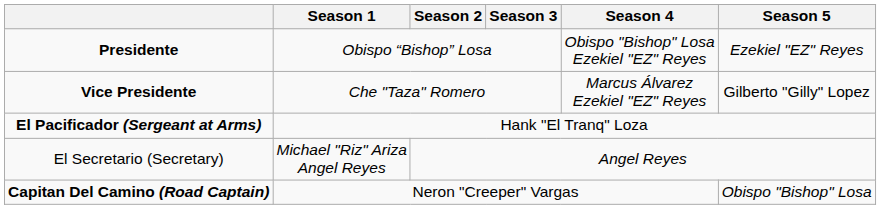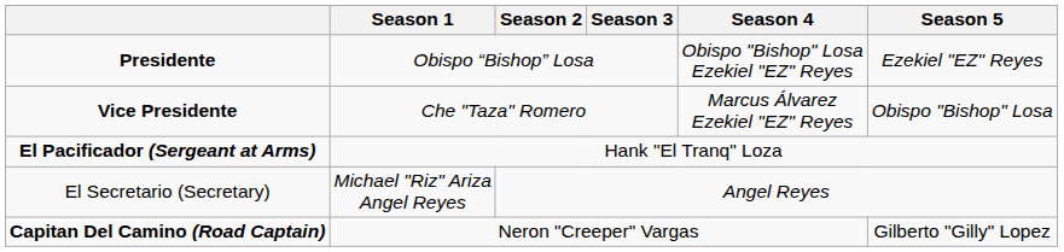 <table class="wikitable plainrowheaders" style="text-align:center;">
 <tr>
 <th scope="col"></th>
 <th scope="col">Season 1</th>
 <th scope="col">Season 2</th>
 <th scope="col">Season 3</th>
 <th scope="col">Season 4</th>
 <th scope="col">Season 5</th>
 </tr>
 <tr>
 <td><strong>Presidente</strong></td>
 <td colspan="3" style="text-align:center;"><em>Obispo “Bishop” Losa</em></td>
 <td style="text-align:center;"><em>Obispo "Bishop" Losa</em><br><em>Ezekiel "EZ" Reyes</em></td>
 <td style="text-align:center;"><em>Ezekiel "EZ" Reyes</em></td>
 </tr>
 <tr>
 <td><strong>Vice Presidente</strong></td>
 <td colspan="3" style="text-align:center;"><em>Che "Taza" Romero</em></td>
 <td style="text-align:center;"><em>Marcus Álvarez</em><br><em>Ezekiel "EZ" Reyes</em></td>
-<td style="text-align:center;"></em>Gilberto "Gilly" Lopez<em></td>
+<td style="text-align:center;"><em>Obispo "Bishop" Losa</em></td>
 </tr>
 <tr>
 <td><strong>El Pacificador <em>(Sergeant at Arms)<strong><em></td>
 <td colspan="5" style="text-align:center;"></em>Hank "El Tranq" Loza<em></td>
 </tr>
 <tr>
 <td></strong>El Secretario </em>(Secretary)</em></strong></td>
 <td style="text-align:center;"><em>Michael "Riz" Ariza</em><br><em>Angel Reyes</em></td>
 <td colspan="4" style="text-align:center;"><em>Angel Reyes</em></td>
 </tr>
 <tr>
 <td><strong>Capitan Del Camino <em>(Road Captain)<strong><em></td>
 <td colspan="4" style="text-align:center;"></em>Neron "Creeper" Vargas<em></td>
-<td style="text-align:center;"><em>Obispo "Bishop" Losa</em></td>
+<td style="text-align:center;"></em>Gilberto "Gilly" Lopez<em></td>
 </tr>
 </table>
